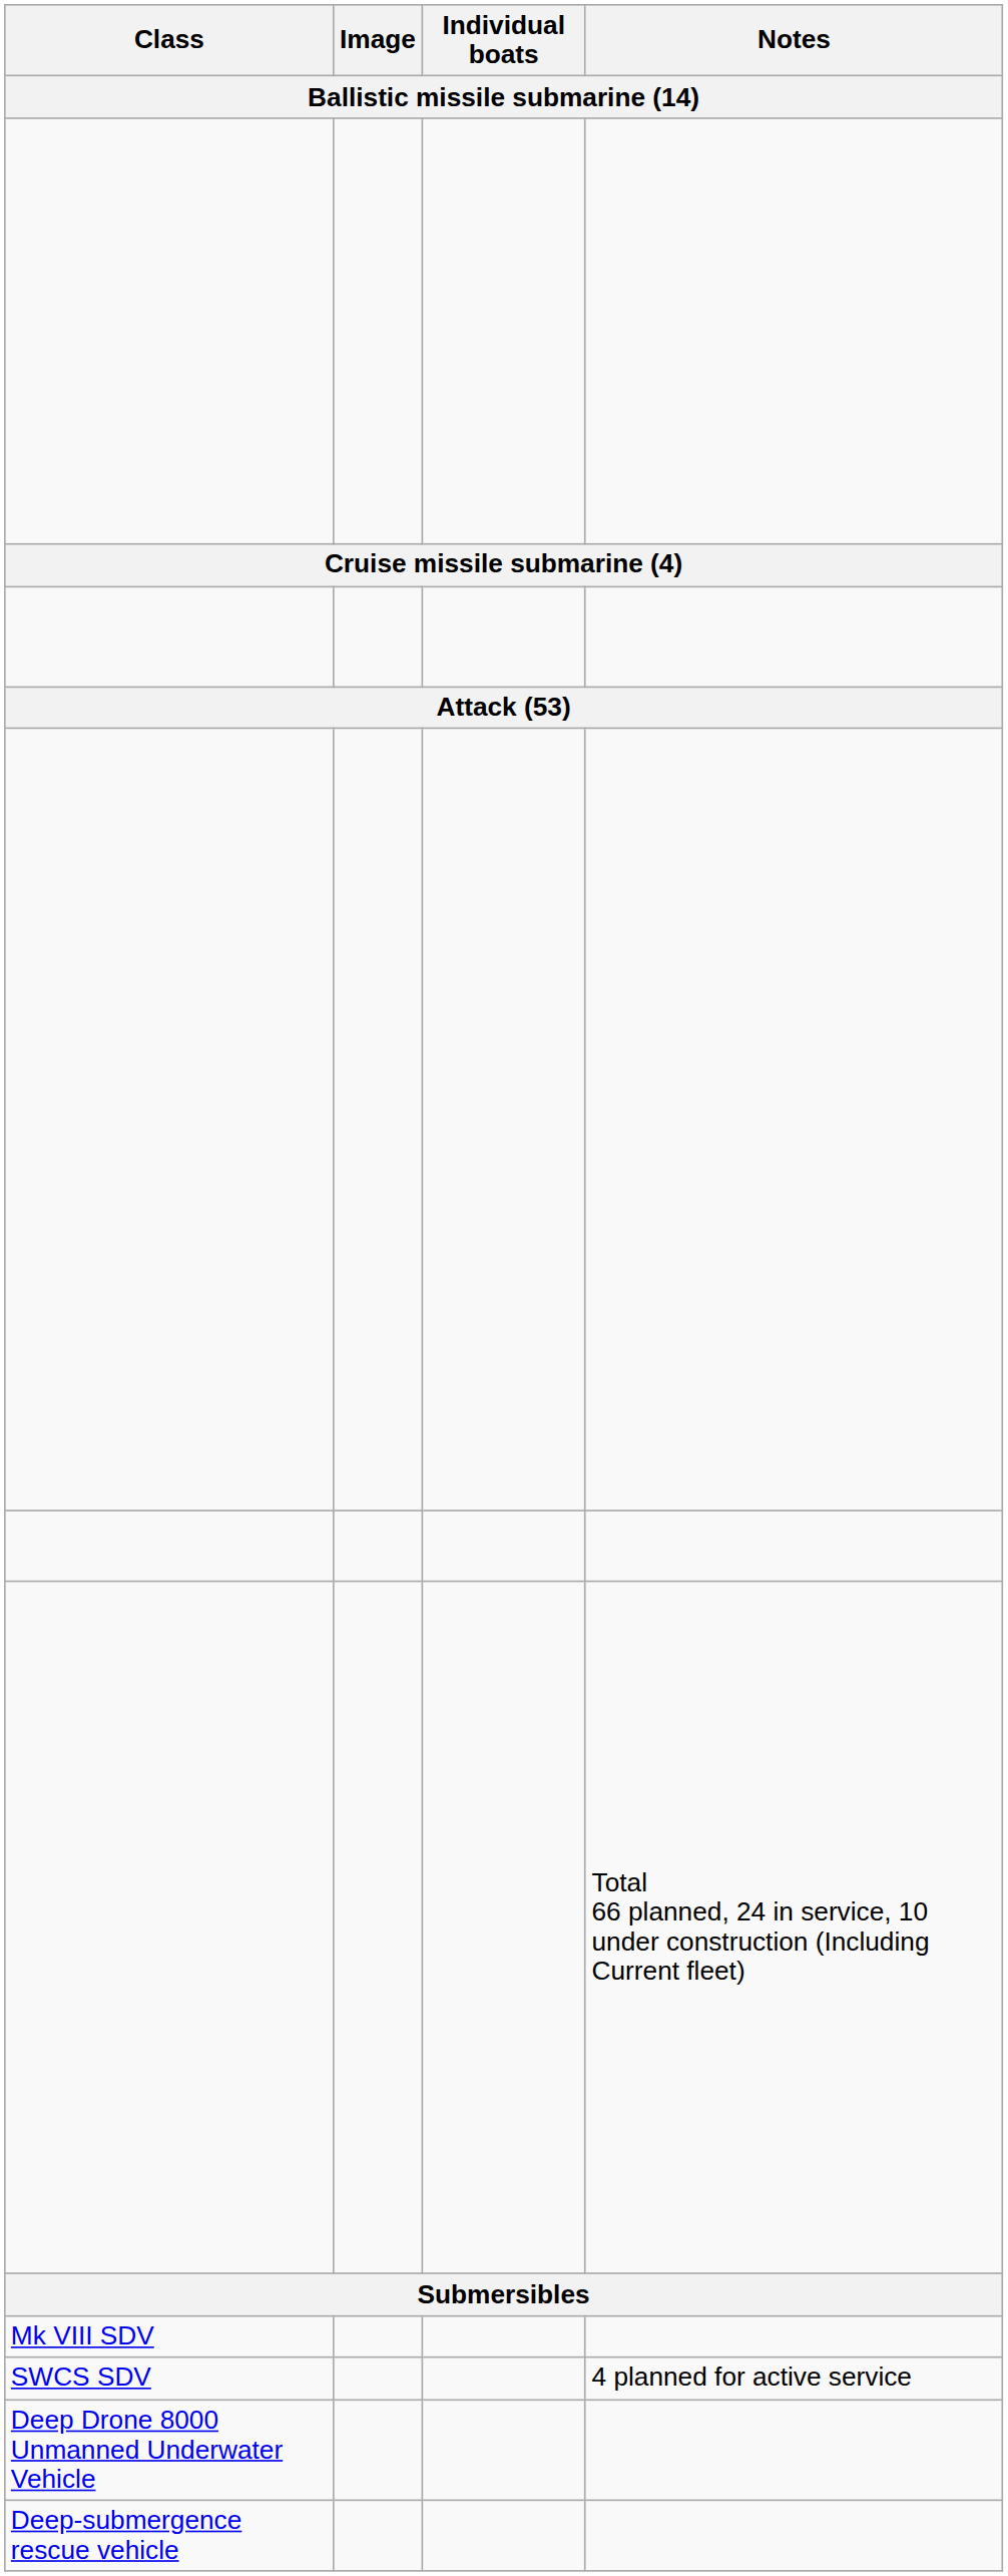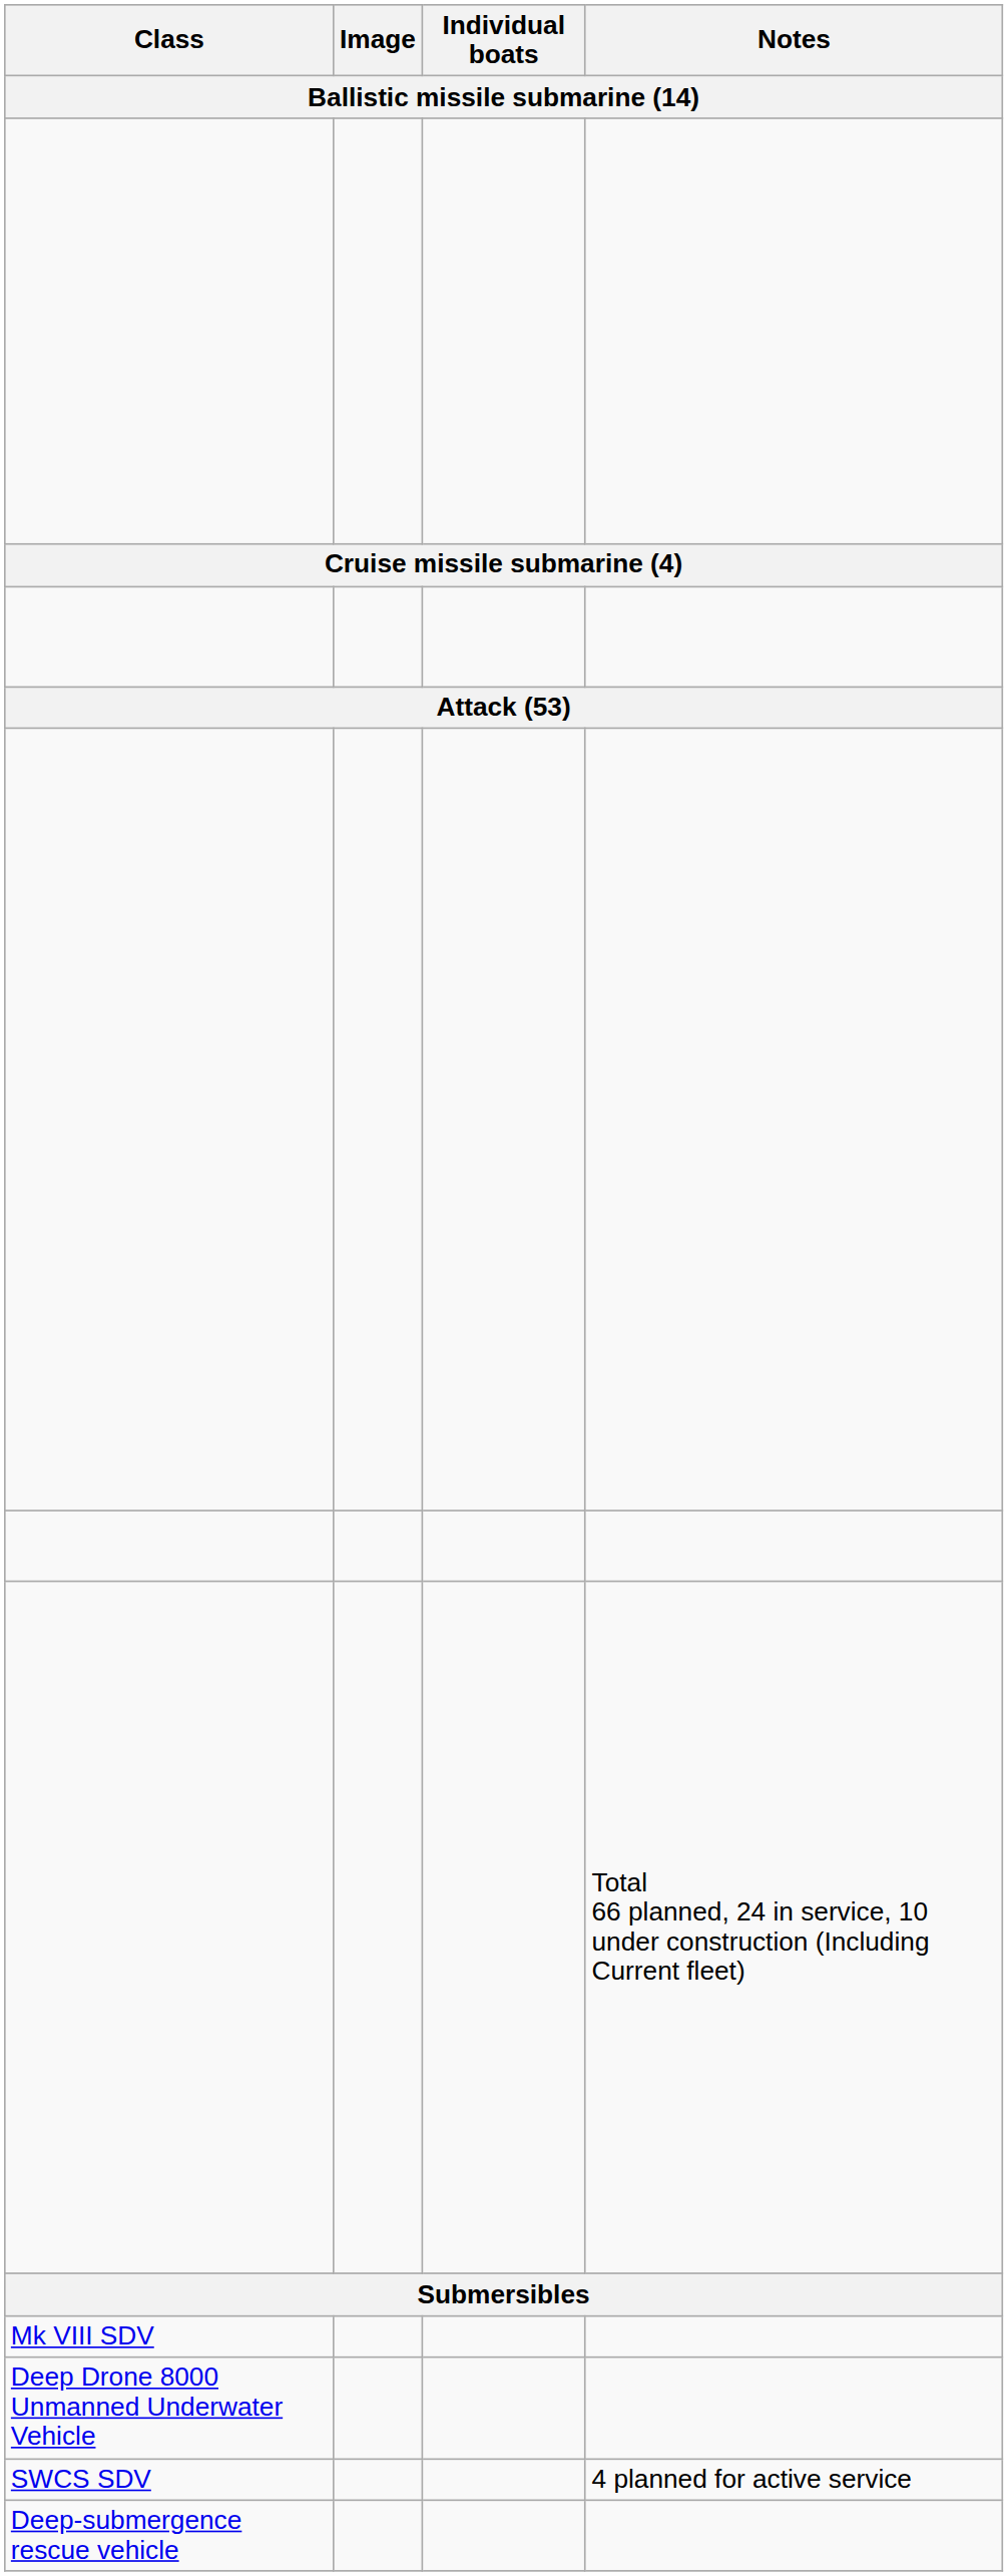 <table class="wikitable">
 <tr>
 <th>Class</th>
 <th>Image</th>
 <th>Individual boats</th>
 <th>Notes</th>
 </tr>
 <tr>
 <th colspan="4">Ballistic missile submarine (14)</th>
 </tr>
 <tr They are capable to launch Nuclear-Armed Intermediate Range Ballastic Missiles.>
 <td></td>
 <td></td>
 <td><br><br><br><br><br><br><br><br><br><br><br><br><br><br></td>
 <td><br></td>
 </tr>
 <tr>
 <th colspan="4">Cruise missile submarine (4)</th>
 </tr>
 <tr>
 <td></td>
 <td></td>
 <td><br><br><br></td>
 <td></td>
 </tr>
 <tr They are able to launch Supersonic Cruise Missiles.>
 <th colspan="4">Attack (53)</th>
 </tr>
 <tr>
 <td></td>
 <td></td>
 <td><br><br><br><br><br><br><br><br><br><br><br><br><br><br><br><br><br><br><br><br><br><br><br><br><br><br></td>
 <td></td>
 </tr>
 <tr>
 <td></td>
 <td></td>
 <td><br><br></td>
 <td></td>
 </tr>
 <tr>
 <td></td>
 <td></td>
 <td><br><br><br><br><br><br><br><br><br><br><br><br><br><br><br><br><br><br><br><br><br><br><br></td>
 <td>Total<br>66 planned, 24 in service, 10 under construction (Including Current fleet)</td>
 </tr>
 <tr>
 <th colspan="4">Submersibles</th>
 </tr>
 <tr>
 <td><a href='#'>Mk VIII SDV</a></td>
 <td></td>
 <td></td>
 <td></td>
 </tr>
 <tr>
+<td><a href='#'>Deep Drone 8000 Unmanned Underwater Vehicle</a></td>
+<td></td>
+<td></td>
+<td></td>
+</tr>
+<tr>
 <td><a href='#'>SWCS SDV</a></td>
 <td></td>
 <td></td>
 <td>4 planned for active service</td>
-</tr>
-<tr>
-<td><a href='#'>Deep Drone 8000 Unmanned Underwater Vehicle</a></td>
-<td></td>
-<td></td>
-<td></td>
 </tr>
 <tr>
 <td><a href='#'>Deep-submergence rescue vehicle</a></td>
 <td></td>
 <td></td>
 <td></td>
 </tr>
 </table>
